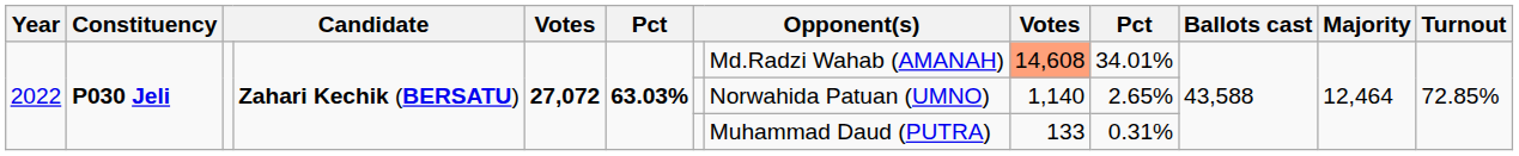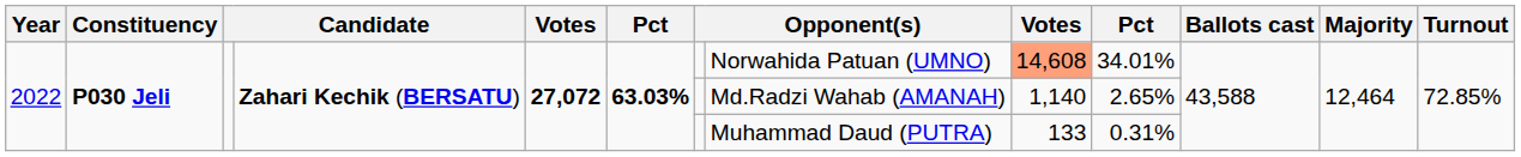 <table class="wikitable" style="margin:0.5em ; font-size:95%">
 <tr>
 <th>Year</th>
 <th>Constituency</th>
 <th colspan=2>Candidate</th>
 <th>Votes</th>
 <th>Pct</th>
 <th colspan=2>Opponent(s)</th>
 <th>Votes</th>
 <th>Pct</th>
 <th>Ballots cast</th>
 <th>Majority</th>
 <th>Turnout</th>
 </tr>
 <tr>
 <td rowspan="3"><a href='#'>2022</a></td>
 <td rowspan="3"><strong>P030 <a href='#'>Jeli</a></strong></td>
 <td rowspan="3" ></td>
 <td rowspan="3"><strong>Zahari Kechik</strong> (<a href='#'><strong>BERSATU</strong></a>)</td>
 <td rowspan="3" align="right"><strong>27,072</strong></td>
 <td rowspan="3"><strong>63.03%</strong></td>
 <td></td>
-<td>Md.Radzi Wahab (<a href='#'>AMANAH</a>)</td>
+<td>Norwahida Patuan (<a href='#'>UMNO</a>)</td>
 <td align="right" style="background: lightsalmon;">14,608</td>
 <td>34.01%</td>
 <td rowspan=3>43,588</td>
 <td rowspan=3>12,464</td>
 <td rowspan=3>72.85%</td>
 </tr>
 <tr>
 <td></td>
-<td>Norwahida Patuan (<a href='#'>UMNO</a>)</td>
+<td>Md.Radzi Wahab (<a href='#'>AMANAH</a>)</td>
 <td align="right">1,140</td>
 <td align=right>2.65%</td>
 </tr>
 <tr>
 <td bgcolor=></td>
 <td>Muhammad Daud (<a href='#'>PUTRA</a>)</td>
 <td align="right">133</td>
 <td align=right>0.31%</td>
 </tr>
 </table>
